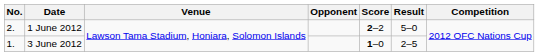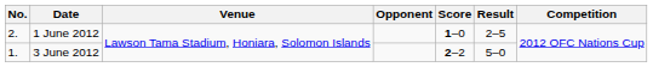 <table class="wikitable">
 <tr>
 <th>No.</th>
 <th>Date</th>
 <th>Venue</th>
 <th>Opponent</th>
 <th>Score</th>
 <th>Result</th>
 <th>Competition</th>
 </tr>
 <tr>
 <td>2.</td>
 <td>1 June 2012</td>
 <td rowspan=2><a href='#'>Lawson Tama Stadium</a>, <a href='#'>Honiara</a>, <a href='#'>Solomon Islands</a></td>
 <td></td>
-<td align=center><strong>2</strong>–2</td>
-<td align=center>5–0</td>
+<td align=center><strong>1</strong>–0</td>
+<td align=center>2–5</td>
 <td rowspan=2><a href='#'>2012 OFC Nations Cup</a></td>
 </tr>
 <tr>
 <td>1.</td>
 <td>3 June 2012</td>
 <td></td>
-<td align=center><strong>1</strong>–0</td>
-<td align=center>2–5</td>
+<td align=center><strong>2</strong>–2</td>
+<td align=center>5–0</td>
 </tr>
 </table>
